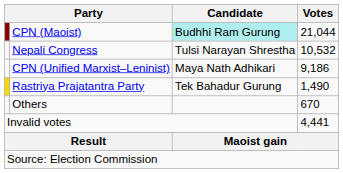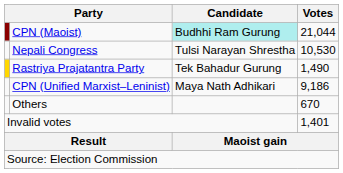 <table class="wikitable">
 <tr>
 <th colspan="2">Party</th>
 <th>Candidate</th>
 <th>Votes</th>
 </tr>
 <tr>
 <td style="background-color:darkred"></td>
 <td><a href='#'>CPN (Maoist)</a></td>
 <td style="background: paleturquoise;">Budhhi Ram Gurung</td>
 <td>21,044</td>
 </tr>
 <tr>
 <td style="background-color:"></td>
 <td><a href='#'>Nepali Congress</a></td>
 <td>Tulsi Narayan Shrestha</td>
-<td>10,532</td>
+<td>10,530</td>
+</tr>
+<tr>
+<td style="background-color:gold"></td>
+<td><a href='#'>Rastriya Prajatantra Party</a></td>
+<td>Tek Bahadur Gurung</td>
+<td>1,490</td>
 </tr>
 <tr>
 <td style="background-color:"></td>
 <td><a href='#'>CPN (Unified Marxist–Leninist)</a></td>
 <td>Maya Nath Adhikari</td>
 <td>9,186</td>
-</tr>
-<tr>
-<td style="background-color:gold"></td>
-<td><a href='#'>Rastriya Prajatantra Party</a></td>
-<td>Tek Bahadur Gurung</td>
-<td>1,490</td>
 </tr>
 <tr>
 <td></td>
 <td>Others</td>
 <td></td>
 <td>670</td>
 </tr>
 <tr>
 <td colspan="3">Invalid votes</td>
-<td>4,441</td>
+<td>1,401</td>
 </tr>
 <tr>
 <th colspan="2">Result</th>
 <th colspan="2">Maoist gain</th>
 </tr>
 <tr>
 <td colspan="4">Source: Election Commission</td>
 </tr>
 </table>
